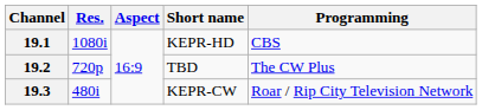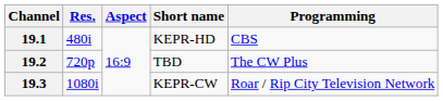 <table class="wikitable">
 <tr>
 <th>Channel</th>
 <th><a href='#'>Res.</a></th>
 <th><a href='#'>Aspect</a></th>
 <th>Short name</th>
 <th>Programming</th>
 </tr>
 <tr>
 <th scope = "row">19.1</th>
-<td><a href='#'>1080i</a></td>
+<td><a href='#'>480i</a></td>
 <td rowspan="3"><a href='#'>16:9</a></td>
 <td>KEPR-HD</td>
 <td><a href='#'>CBS</a></td>
 </tr>
 <tr>
 <th scope = "row">19.2</th>
 <td><a href='#'>720p</a></td>
 <td>TBD</td>
 <td><a href='#'>The CW Plus</a></td>
 </tr>
 <tr>
 <th scope = "row">19.3</th>
-<td><a href='#'>480i</a></td>
+<td><a href='#'>1080i</a></td>
 <td>KEPR-CW</td>
 <td><a href='#'>Roar</a> / <a href='#'>Rip City Television Network</a></td>
 </tr>
 </table>
